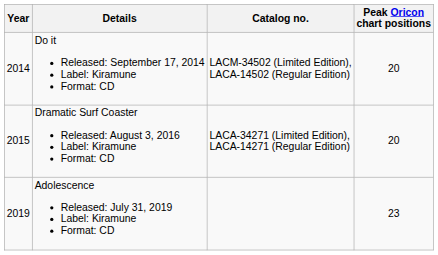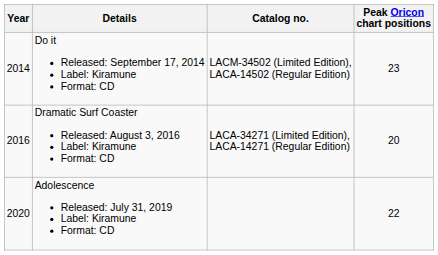 <table class="wikitable">
 <tr>
 <th>Year</th>
 <th>Details</th>
 <th>Catalog no.</th>
 <th>Peak <a href='#'>Oricon</a><br>chart positions<br></th>
 </tr>
 <tr>
 <td>2014</td>
 <td align=left>Do it<br><ul><li>Released: September 17, 2014</li><li>Label: Kiramune</li><li>Format: CD</li></ul></td>
 <td>LACM-34502 (Limited Edition),<br>LACA-14502 (Regular Edition)</td>
-<td align=center>20</td>
+<td align=center>23</td>
 </tr>
 <tr>
-<td>2015</td>
+<td>2016</td>
 <td align=left>Dramatic Surf Coaster<br><ul><li>Released: August 3, 2016</li><li>Label: Kiramune</li><li>Format: CD</li></ul></td>
 <td>LACA-34271 (Limited Edition),<br>LACA-14271 (Regular Edition)</td>
 <td align=center>20</td>
 </tr>
 <tr>
-<td>2019</td>
+<td>2020</td>
 <td align=left>Adolescence<br><ul><li>Released: July 31, 2019</li><li>Label: Kiramune</li><li>Format: CD</li></ul></td>
 <td></td>
-<td align=center>23</td>
+<td align=center>22</td>
 </tr>
 </table>
